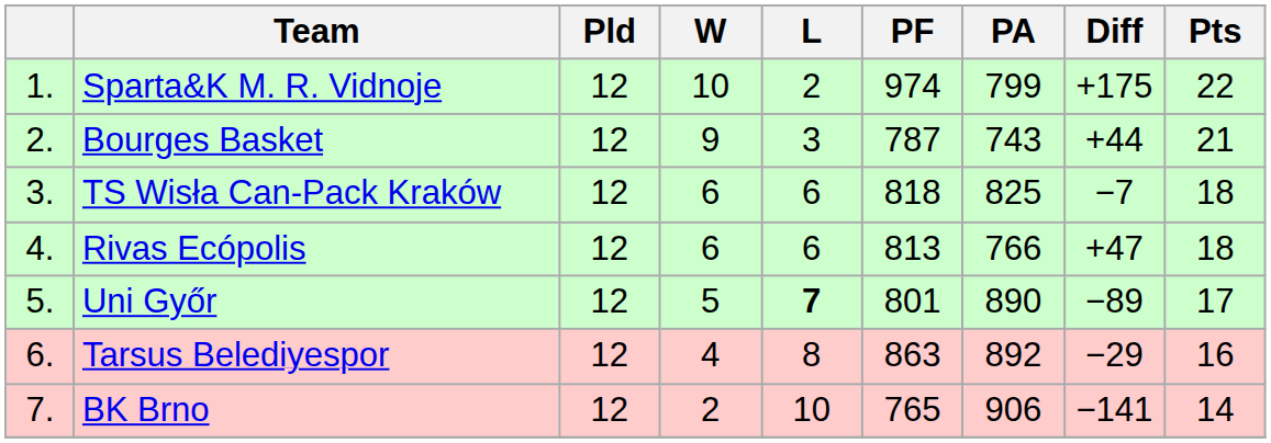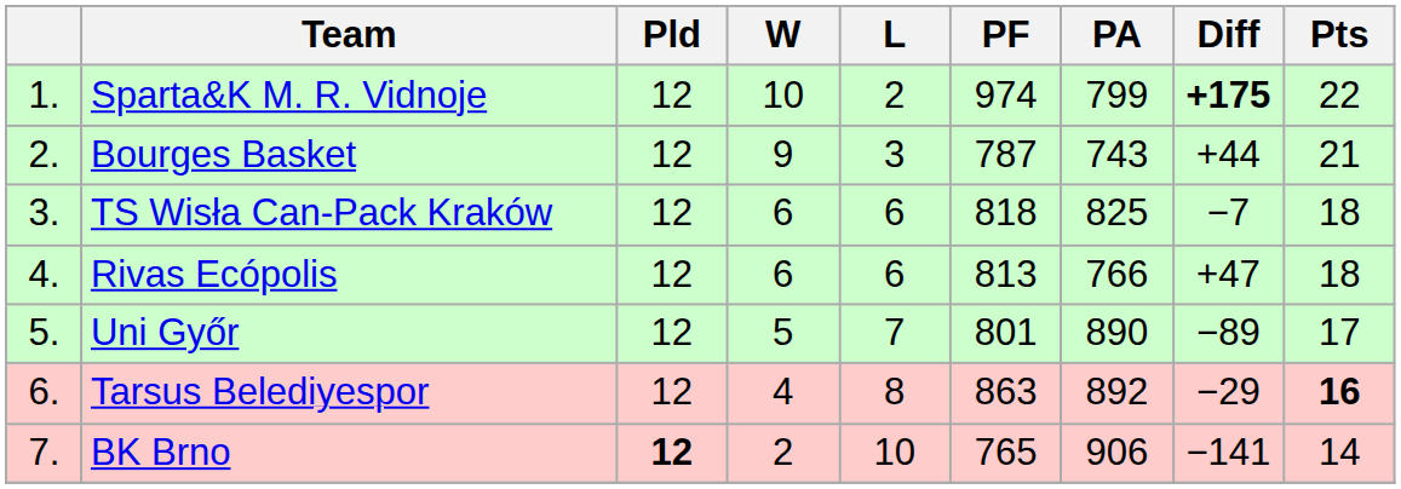 <table class="wikitable" style="text-align:center">
 <tr>
 <th width=25></th>
 <th width=220>Team</th>
 <th width=40>Pld</th>
 <th width=40>W</th>
 <th width=40>L</th>
 <th width=40>PF</th>
 <th width=40>PA</th>
 <th width=40>Diff</th>
 <th width=40>Pts</th>
 </tr>
 <tr style="background:#ccffcc;">
 <td>1.</td>
 <td align=left> <a href='#'>Sparta&K M. R. Vidnoje</a></td>
 <td>12</td>
 <td>10</td>
 <td>2</td>
 <td>974</td>
 <td>799</td>
-<td>+175</td>
+<td><strong>+175</strong></td>
 <td>22</td>
 </tr>
 <tr style="background:#ccffcc;">
 <td>2.</td>
 <td align=left> <a href='#'>Bourges Basket</a></td>
 <td>12</td>
 <td>9</td>
 <td>3</td>
 <td>787</td>
 <td>743</td>
 <td>+44</td>
 <td>21</td>
 </tr>
 <tr style="background:#ccffcc;">
 <td>3.</td>
 <td align=left> <a href='#'>TS Wisła Can-Pack Kraków</a></td>
 <td>12</td>
 <td>6</td>
 <td>6</td>
 <td>818</td>
 <td>825</td>
 <td>−7</td>
 <td>18</td>
 </tr>
 <tr style="background:#ccffcc;">
 <td>4.</td>
 <td align=left> <a href='#'>Rivas Ecópolis</a></td>
 <td>12</td>
 <td>6</td>
 <td>6</td>
 <td>813</td>
 <td>766</td>
 <td>+47</td>
 <td>18</td>
 </tr>
 <tr style="background:#ccffcc;">
 <td>5.</td>
 <td align=left> <a href='#'>Uni Győr</a></td>
 <td>12</td>
 <td>5</td>
-<td><strong>7</strong></td>
+<td>7</td>
 <td>801</td>
 <td>890</td>
 <td>−89</td>
 <td>17</td>
 </tr>
 <tr style="background:#ffcccc;">
 <td>6.</td>
 <td align=left> <a href='#'>Tarsus Belediyespor</a></td>
 <td>12</td>
 <td>4</td>
 <td>8</td>
 <td>863</td>
 <td>892</td>
 <td>−29</td>
-<td>16</td>
+<td><strong>16</strong></td>
 </tr>
 <tr style="background:#ffcccc;">
 <td>7.</td>
 <td align=left> <a href='#'>BK Brno</a></td>
-<td>12</td>
+<td><strong>12</strong></td>
 <td>2</td>
 <td>10</td>
 <td>765</td>
 <td>906</td>
 <td>−141</td>
 <td>14</td>
 </tr>
 <tr>
 </tr>
 </table>
